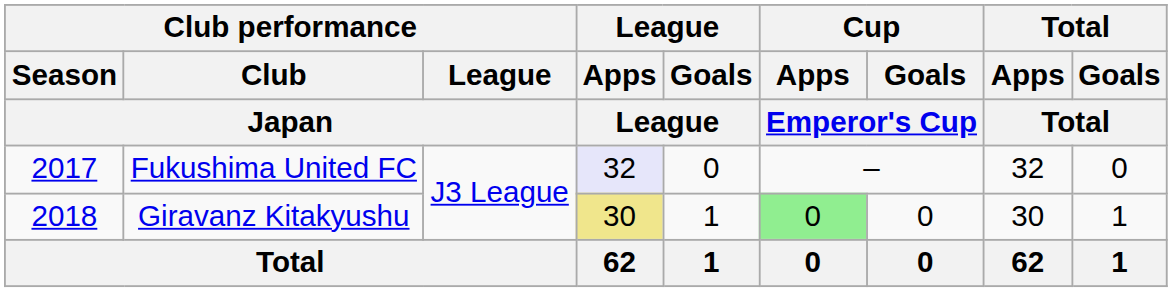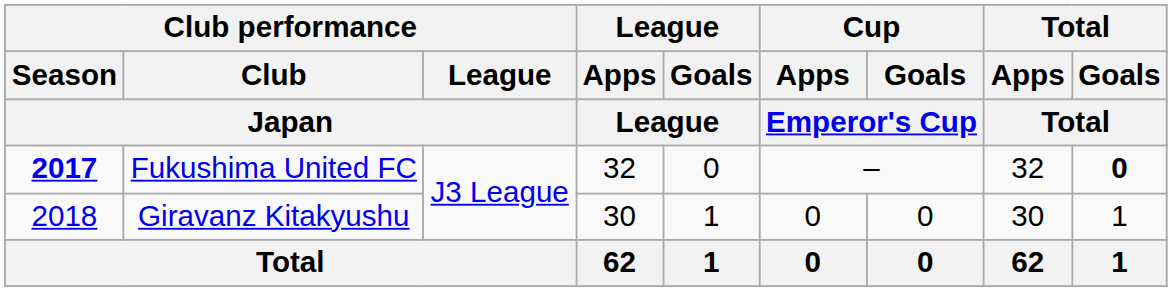 <table class="wikitable" style="text-align:center;">
 <tr>
 <th colspan=3>Club performance</th>
 <th colspan=2>League</th>
 <th colspan=2>Cup</th>
 <th colspan=2>Total</th>
 </tr>
 <tr>
 <th>Season</th>
 <th>Club</th>
 <th>League</th>
 <th>Apps</th>
 <th>Goals</th>
 <th>Apps</th>
 <th>Goals</th>
 <th>Apps</th>
 <th>Goals</th>
 </tr>
 <tr>
 <th colspan=3>Japan</th>
 <th colspan=2>League</th>
 <th colspan=2><a href='#'>Emperor's Cup</a></th>
 <th colspan=2>Total</th>
 </tr>
 <tr>
-<td><a href='#'>2017</a></td>
+<td><strong><a href='#'>2017</a></strong></td>
 <td><a href='#'>Fukushima United FC</a></td>
 <td rowspan="2"><a href='#'>J3 League</a></td>
-<td style="background: lavender;">32</td>
+<td>32</td>
 <td>0</td>
 <td colspan="2">–</td>
 <td>32</td>
-<td>0</td>
+<td><strong>0</strong></td>
 </tr>
 <tr>
 <td><a href='#'>2018</a></td>
 <td rowspan="1"><a href='#'>Giravanz Kitakyushu</a></td>
-<td style="background: khaki;">30</td>
+<td>30</td>
 <td>1</td>
-<td style="background: lightgreen;">0</td>
+<td>0</td>
 <td>0</td>
 <td>30</td>
 <td>1</td>
 </tr>
 <tr>
 <th colspan=3>Total</th>
 <th>62</th>
 <th>1</th>
 <th>0</th>
 <th>0</th>
 <th>62</th>
 <th>1</th>
 </tr>
 </table>
